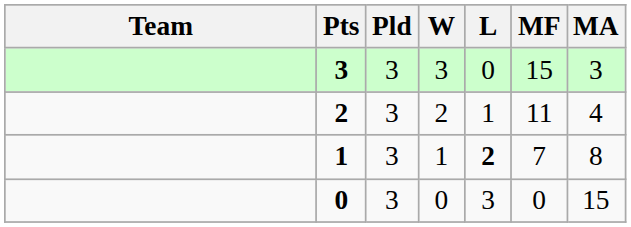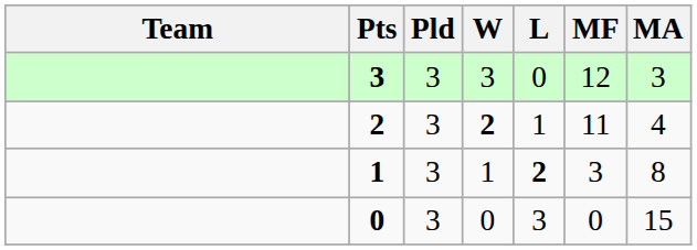 <table class=wikitable style="text-align:center">
 <tr>
 <th width=175>Team</th>
 <th width=20>Pts</th>
 <th width=20>Pld</th>
 <th width=20>W</th>
 <th width=20>L</th>
 <th width=20>MF</th>
 <th width=20>MA</th>
 </tr>
 <tr bgcolor=#ccffcc>
 <td style="text-align:left"></td>
 <td><strong>3</strong></td>
 <td>3</td>
 <td>3</td>
 <td>0</td>
-<td>15</td>
+<td>12</td>
 <td>3</td>
 </tr>
 <tr>
 <td style="text-align:left"></td>
 <td><strong>2</strong></td>
 <td>3</td>
-<td>2</td>
+<td><strong>2</strong></td>
 <td>1</td>
 <td>11</td>
 <td>4</td>
 </tr>
 <tr>
 <td style="text-align:left"></td>
 <td><strong>1</strong></td>
 <td>3</td>
 <td>1</td>
 <td><strong>2</strong></td>
-<td>7</td>
+<td>3</td>
 <td>8</td>
 </tr>
 <tr>
 <td style="text-align:left"></td>
 <td><strong>0</strong></td>
 <td>3</td>
 <td>0</td>
 <td>3</td>
 <td>0</td>
 <td>15</td>
 </tr>
 </table>
